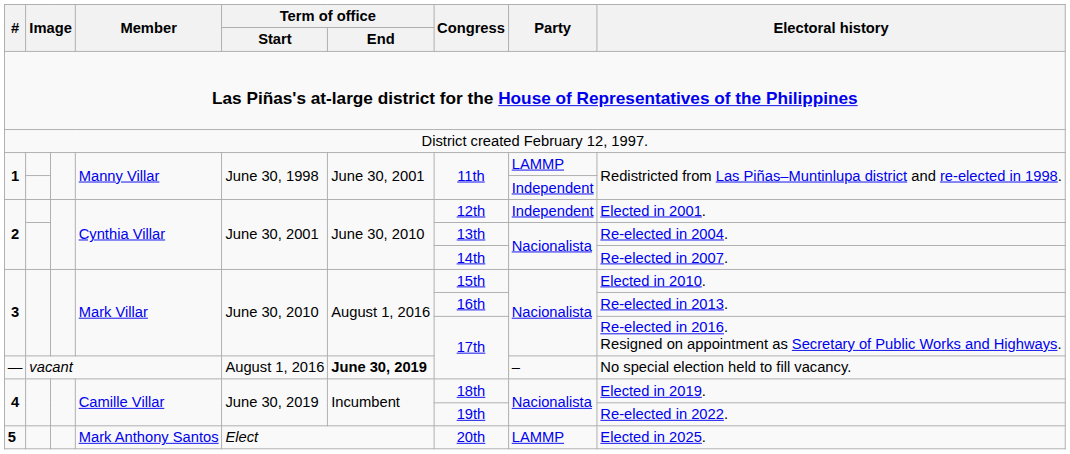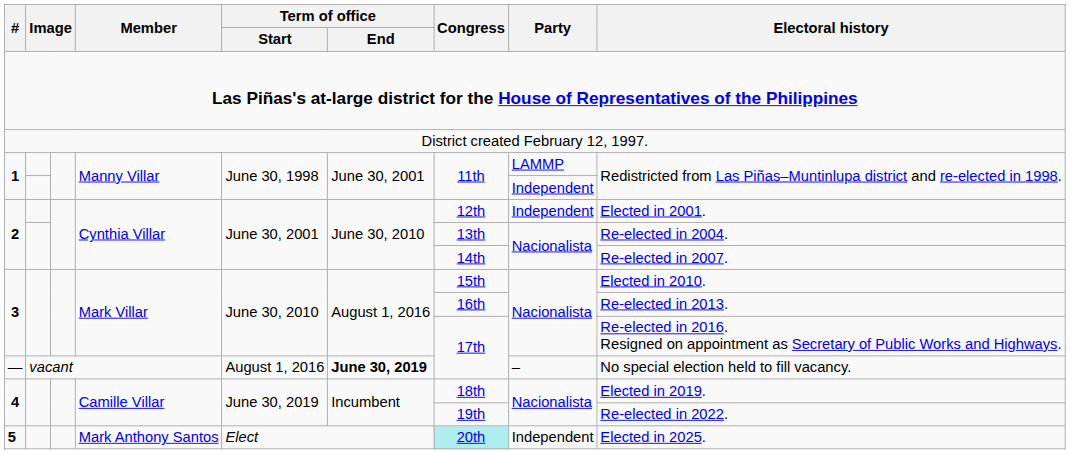 <table class=wikitable>
 <tr>
 <th rowspan="2">#</th>
 <th rowspan="2" colspan=2>Image</th>
 <th rowspan="2">Member</th>
 <th colspan=2>Term of office</th>
 <th rowspan="2">Congress</th>
 <th rowspan="2">Party</th>
 <th rowspan="2">Electoral history</th>
 </tr>
 <tr>
 <th>Start</th>
 <th>End</th>
 </tr>
 <tr>
 <td colspan="9" style="text-align:center;"><br><h3>Las Piñas's at-large district for the <a href='#'>House of Representatives of the Philippines</a></h3></td>
 </tr>
 <tr>
 <td colspan="9" style="text-align:center;">District created February 12, 1997.</td>
 </tr>
 <tr>
 <td style="text-align:center;" rowspan="2"><strong>1</strong></td>
 <td style="color:inherit;background:"></td>
 <td rowspan="2"></td>
 <td rowspan="2"><a href='#'>Manny Villar</a></td>
 <td rowspan="2">June 30, 1998</td>
 <td rowspan="2">June 30, 2001</td>
 <td style="text-align:center;" rowspan="2"><a href='#'>11th</a></td>
 <td><a href='#'>LAMMP</a></td>
 <td rowspan="2">Redistricted from <a href='#'>Las Piñas–Muntinlupa district</a> and <a href='#'>re-elected in 1998</a>.</td>
 </tr>
 <tr>
 <td style="color:inherit;background:"></td>
 <td><a href='#'>Independent</a></td>
 </tr>
 <tr>
 <td rowspan="3" style="text-align:center;"><strong>2</strong></td>
 <td style="color:inherit;background:"></td>
 <td rowspan="3"></td>
 <td rowspan="3"><a href='#'>Cynthia Villar</a></td>
 <td rowspan="3">June 30, 2001</td>
 <td rowspan="3">June 30, 2010</td>
 <td style="text-align:center;"><a href='#'>12th</a></td>
 <td><a href='#'>Independent</a></td>
 <td><a href='#'>Elected in 2001</a>.</td>
 </tr>
 <tr>
 <td rowspan="2" style="color:inherit;background:"></td>
 <td style="text-align:center;"><a href='#'>13th</a></td>
 <td rowspan="2"><a href='#'>Nacionalista</a></td>
 <td><a href='#'>Re-elected in 2004</a>.</td>
 </tr>
 <tr>
 <td style="text-align:center;"><a href='#'>14th</a></td>
 <td><a href='#'>Re-elected in 2007</a>.</td>
 </tr>
 <tr>
 <td rowspan="3" style="text-align:center;"><strong>3</strong></td>
 <td rowspan="3" style="color:inherit;background:"></td>
 <td rowspan="3"></td>
 <td rowspan="3"><a href='#'>Mark Villar</a></td>
 <td rowspan="3">June 30, 2010</td>
 <td rowspan="3">August 1, 2016</td>
 <td style="text-align:center;"><a href='#'>15th</a></td>
 <td rowspan="3"><a href='#'>Nacionalista</a></td>
 <td><a href='#'>Elected in 2010</a>.</td>
 </tr>
 <tr>
 <td style="text-align:center;"><a href='#'>16th</a></td>
 <td><a href='#'>Re-elected in 2013</a>.</td>
 </tr>
 <tr>
 <td rowspan="2" style="text-align:center;"><a href='#'>17th</a></td>
 <td><a href='#'>Re-elected in 2016</a>.<br>Resigned on appointment as <a href='#'>Secretary of Public Works and Highways</a>.</td>
 </tr>
 <tr>
 <td style="text-align:center;">—</td>
 <td colspan=3><em>vacant</em></td>
 <td>August 1, 2016</td>
 <td><strong>June 30, 2019</strong></td>
 <td>–</td>
 <td>No special election held to fill vacancy.</td>
 </tr>
 <tr>
 <td rowspan="2" style="text-align:center;"><strong>4</strong></td>
 <td rowspan="2" style="color:inherit;background:"></td>
 <td rowspan="2"></td>
 <td rowspan="2"><a href='#'>Camille Villar</a></td>
 <td rowspan="2">June 30, 2019</td>
 <td rowspan="2">Incumbent</td>
 <td style="text-align:center;"><a href='#'>18th</a></td>
 <td rowspan="2"><a href='#'>Nacionalista</a></td>
 <td><a href='#'>Elected in 2019</a>.</td>
 </tr>
 <tr>
 <td style="text-align:center;"><a href='#'>19th</a></td>
 <td><a href='#'>Re-elected in 2022</a>.</td>
 </tr>
 <tr>
 <td><strong>5</strong></td>
 <td style="color:inherit;background:"></td>
 <td></td>
 <td><a href='#'>Mark Anthony Santos</a><br></td>
 <td colspan="2"><em>Elect</em></td>
-<td style="text-align:center;"><a href='#'>20th</a></td>
-<td><a href='#'>LAMMP</a></td>
+<td style="background: paleturquoise; text-align:center;"><a href='#'>20th</a></td>
+<td>Independent</td>
 <td><a href='#'>Elected in 2025</a>.</td>
 </tr>
 </table>
